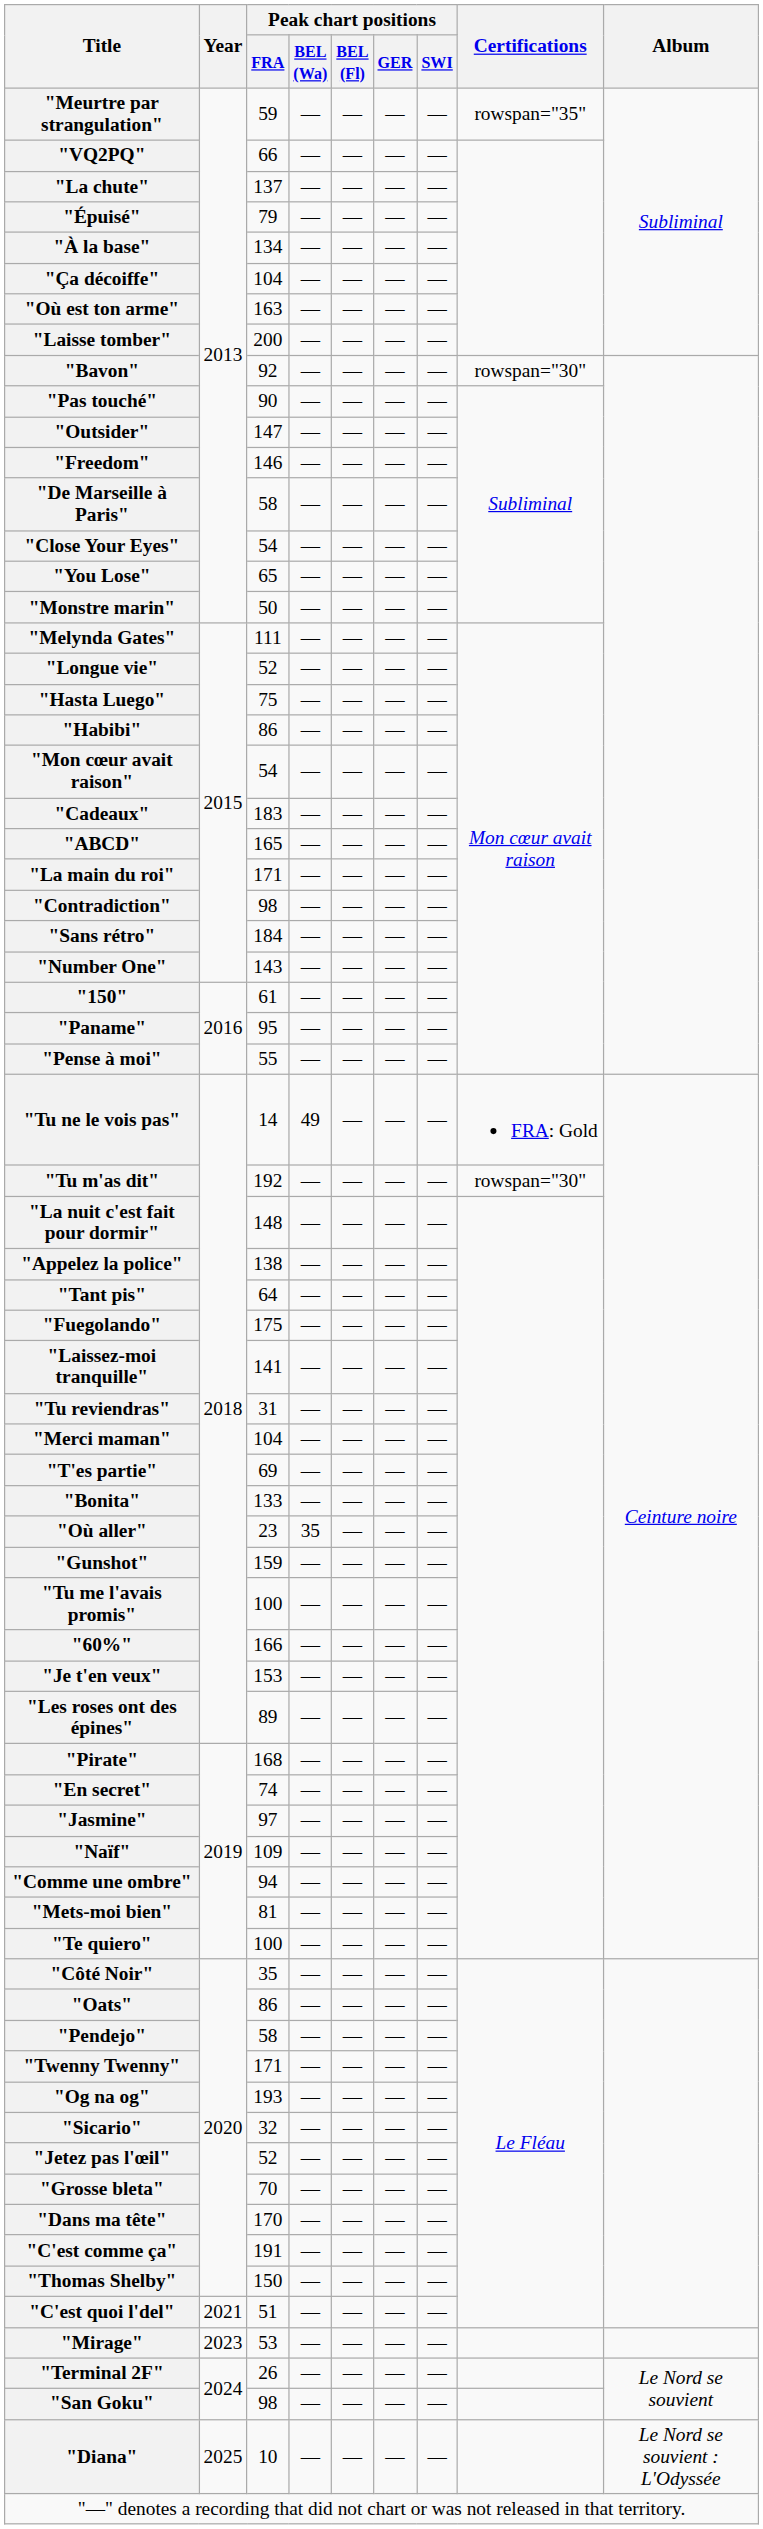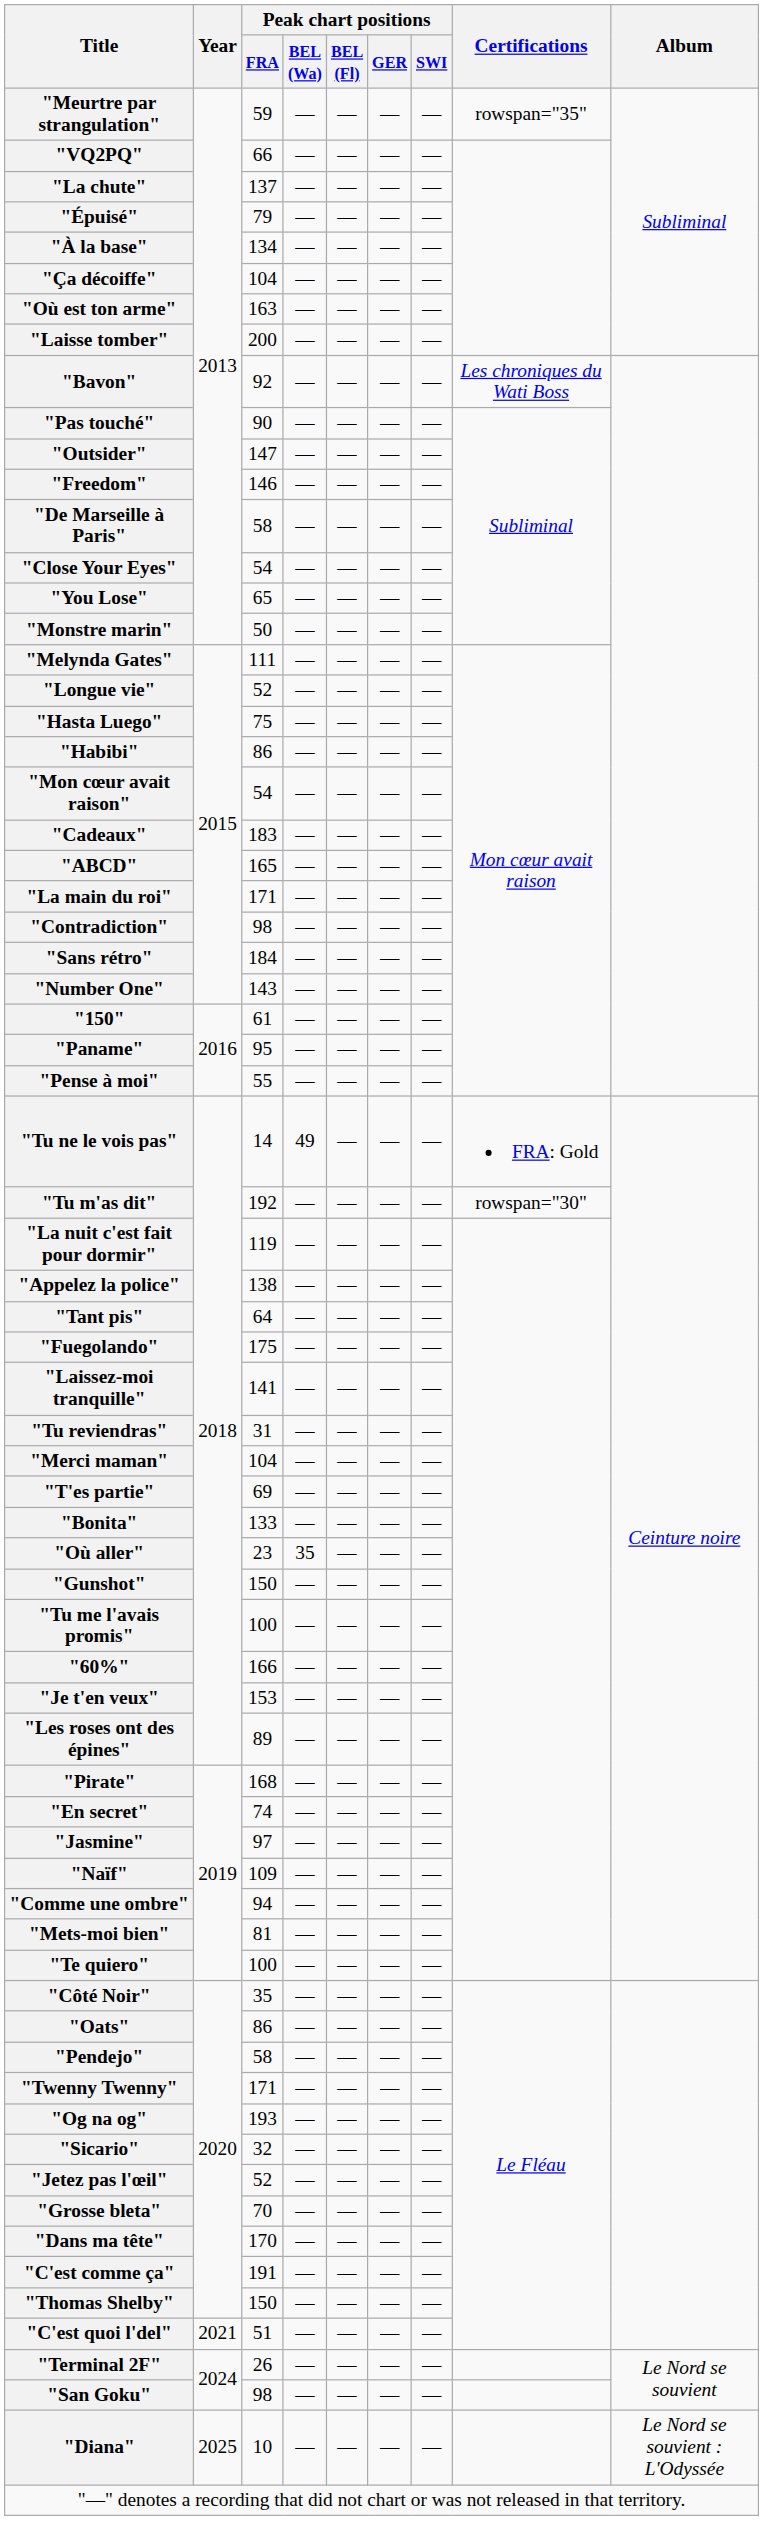 <table class="wikitable plainrowheaders" style="text-align:center" width="100%">
 <tr>
 <th scope="col" rowspan="2">Title</th>
 <th scope="col" rowspan="2">Year</th>
 <th scope="col" colspan="5">Peak chart positions</th>
 <th scope="col" rowspan="2"><a href='#'>Certifications</a></th>
 <th scope="col" rowspan="2">Album</th>
 </tr>
 <tr>
 <th scope="col"><small><a href='#'>FRA</a></small></th>
 <th scope="col"><a href='#'><small>BEL<br></small><small>(Wa)</small></a></th>
 <th scope="col"><a href='#'><small>BEL<br></small><small>(Fl)</small></a></th>
 <th scope="col"><small><a href='#'>GER</a></small></th>
 <th scope="col"><small><a href='#'>SWI</a></small></th>
 </tr>
 <tr>
 <th scope="row">"Meurtre par strangulation"</th>
 <td rowspan="16">2013</td>
 <td>59</td>
 <td>—</td>
 <td>—</td>
 <td>—</td>
 <td>—</td>
 <td>rowspan="35" </td>
 <td rowspan="8"><em><a href='#'>Subliminal</a></em></td>
 </tr>
 <tr>
 <th scope="row">"VQ2PQ"</th>
 <td>66</td>
 <td>—</td>
 <td>—</td>
 <td>—</td>
 <td>—</td>
 </tr>
 <tr>
 <th scope="row">"La chute"</th>
 <td>137</td>
 <td>—</td>
 <td>—</td>
 <td>—</td>
 <td>—</td>
 </tr>
 <tr>
 <th scope="row">"Épuisé"</th>
 <td>79</td>
 <td>—</td>
 <td>—</td>
 <td>—</td>
 <td>—</td>
 </tr>
 <tr>
 <th scope="row">"À la base"</th>
 <td>134</td>
 <td>—</td>
 <td>—</td>
 <td>—</td>
 <td>—</td>
 </tr>
 <tr>
 <th scope="row">"Ça décoiffe"<br></th>
 <td>104</td>
 <td>—</td>
 <td>—</td>
 <td>—</td>
 <td>—</td>
 </tr>
 <tr>
 <th scope="row">"Où est ton arme"<br></th>
 <td>163</td>
 <td>—</td>
 <td>—</td>
 <td>—</td>
 <td>—</td>
 </tr>
 <tr>
 <th scope="row">"Laisse tomber"<br></th>
 <td>200</td>
 <td>—</td>
 <td>—</td>
 <td>—</td>
 <td>—</td>
 </tr>
 <tr>
 <th scope="row">"Bavon"<br></th>
 <td>92</td>
 <td>—</td>
 <td>—</td>
 <td>—</td>
 <td>—</td>
-<td>rowspan="30" </td>
+<td><em><a href='#'>Les chroniques du Wati Boss</a></em></td>
 </tr>
 <tr>
 <th scope="row">"Pas touché"<br></th>
 <td>90</td>
 <td>—</td>
 <td>—</td>
 <td>—</td>
 <td>—</td>
 <td rowspan="7"><em><a href='#'>Subliminal</a></em></td>
 </tr>
 <tr>
 <th scope="row">"Outsider"<br></th>
 <td>147</td>
 <td>—</td>
 <td>—</td>
 <td>—</td>
 <td>—</td>
 </tr>
 <tr>
 <th scope="row">"Freedom"<br></th>
 <td>146</td>
 <td>—</td>
 <td>—</td>
 <td>—</td>
 <td>—</td>
 </tr>
 <tr>
 <th scope="row">"De Marseille à Paris"<br></th>
 <td>58</td>
 <td>—</td>
 <td>—</td>
 <td>—</td>
 <td>—</td>
 </tr>
 <tr>
 <th scope="row">"Close Your Eyes"<br></th>
 <td>54</td>
 <td>—</td>
 <td>—</td>
 <td>—</td>
 <td>—</td>
 </tr>
 <tr>
 <th scope="row">"You Lose"</th>
 <td>65</td>
 <td>—</td>
 <td>—</td>
 <td>—</td>
 <td>—</td>
 </tr>
 <tr>
 <th scope="row">"Monstre marin"</th>
 <td>50</td>
 <td>—</td>
 <td>—</td>
 <td>—</td>
 <td>—</td>
 </tr>
 <tr>
 <th scope="row">"Melynda Gates"</th>
 <td rowspan="11">2015</td>
 <td>111</td>
 <td>—</td>
 <td>—</td>
 <td>—</td>
 <td>—</td>
 <td rowspan="14"><em><a href='#'>Mon cœur avait raison</a></em></td>
 </tr>
 <tr>
 <th scope="row">"Longue vie"<br></th>
 <td>52</td>
 <td>—</td>
 <td>—</td>
 <td>—</td>
 <td>—</td>
 </tr>
 <tr>
 <th scope="row">"Hasta Luego"</th>
 <td>75</td>
 <td>—</td>
 <td>—</td>
 <td>—</td>
 <td>—</td>
 </tr>
 <tr>
 <th scope="row">"Habibi"</th>
 <td>86</td>
 <td>—</td>
 <td>—</td>
 <td>—</td>
 <td>—</td>
 </tr>
 <tr>
 <th scope="row">"Mon cœur avait raison"</th>
 <td>54</td>
 <td>—</td>
 <td>—</td>
 <td>—</td>
 <td>—</td>
 </tr>
 <tr>
 <th scope="row">"Cadeaux"</th>
 <td>183</td>
 <td>—</td>
 <td>—</td>
 <td>—</td>
 <td>—</td>
 </tr>
 <tr>
 <th scope="row">"ABCD"</th>
 <td>165</td>
 <td>—</td>
 <td>—</td>
 <td>—</td>
 <td>—</td>
 </tr>
 <tr>
 <th scope="row">"La main du roi"</th>
 <td>171</td>
 <td>—</td>
 <td>—</td>
 <td>—</td>
 <td>—</td>
 </tr>
 <tr>
 <th scope="row">"Contradiction"<br></th>
 <td>98</td>
 <td>—</td>
 <td>—</td>
 <td>—</td>
 <td>—</td>
 </tr>
 <tr>
 <th scope="row">"Sans rétro"<br></th>
 <td>184</td>
 <td>—</td>
 <td>—</td>
 <td>—</td>
 <td>—</td>
 </tr>
 <tr>
 <th scope="row">"Number One"<br></th>
 <td>143</td>
 <td>—</td>
 <td>—</td>
 <td>—</td>
 <td>—</td>
 </tr>
 <tr>
 <th scope="row">"150"</th>
 <td rowspan="3">2016</td>
 <td>61</td>
 <td>—</td>
 <td>—</td>
 <td>—</td>
 <td>—</td>
 </tr>
 <tr>
 <th scope="row">"Paname"</th>
 <td>95</td>
 <td>—</td>
 <td>—</td>
 <td>—</td>
 <td>—</td>
 </tr>
 <tr>
 <th scope="row">"Pense à moi"</th>
 <td>55</td>
 <td>—</td>
 <td>—</td>
 <td>—</td>
 <td>—</td>
 </tr>
 <tr>
 <th scope="row">"Tu ne le vois pas"<br></th>
 <td rowspan="17">2018</td>
 <td>14</td>
 <td>49</td>
 <td>—</td>
 <td>—</td>
 <td>—</td>
 <td><br><ul><li><a href='#'>FRA</a>: Gold</li></ul></td>
 <td rowspan="24"><em><a href='#'>Ceinture noire</a></em></td>
 </tr>
 <tr>
 <th scope="row">"Tu m'as dit"<br></th>
 <td>192</td>
 <td>—</td>
 <td>—</td>
 <td>—</td>
 <td>—</td>
 <td>rowspan="30" </td>
 </tr>
 <tr>
 <th scope="row">"La nuit c'est fait pour dormir"<br></th>
-<td>148</td>
+<td>119</td>
 <td>—</td>
 <td>—</td>
 <td>—</td>
 <td>—</td>
 </tr>
 <tr>
 <th scope="row">"Appelez la police"<br></th>
 <td>138</td>
 <td>—</td>
 <td>—</td>
 <td>—</td>
 <td>—</td>
 </tr>
 <tr>
 <th scope="row">"Tant pis"</th>
 <td>64</td>
 <td>—</td>
 <td>—</td>
 <td>—</td>
 <td>—</td>
 </tr>
 <tr>
 <th scope="row">"Fuegolando"</th>
 <td>175</td>
 <td>—</td>
 <td>—</td>
 <td>—</td>
 <td>—</td>
 </tr>
 <tr>
 <th scope="row">"Laissez-moi tranquille"</th>
 <td>141</td>
 <td>—</td>
 <td>—</td>
 <td>—</td>
 <td>—</td>
 </tr>
 <tr>
 <th scope="row">"Tu reviendras"</th>
 <td>31</td>
 <td>—</td>
 <td>—</td>
 <td>—</td>
 <td>—</td>
 </tr>
 <tr>
 <th scope="row">"Merci maman"</th>
 <td>104</td>
 <td>—</td>
 <td>—</td>
 <td>—</td>
 <td>—</td>
 </tr>
 <tr>
 <th scope="row">"T'es partie"</th>
 <td>69</td>
 <td>—</td>
 <td>—</td>
 <td>—</td>
 <td>—</td>
 </tr>
 <tr>
 <th scope="row">"Bonita"</th>
 <td>133</td>
 <td>—</td>
 <td>—</td>
 <td>—</td>
 <td>—</td>
 </tr>
 <tr>
 <th scope="row">"Où aller"</th>
 <td>23<br></td>
 <td>35</td>
 <td>—</td>
 <td>—</td>
 <td>—</td>
 </tr>
 <tr>
 <th scope="row">"Gunshot"</th>
-<td>159</td>
+<td>150</td>
 <td>—</td>
 <td>—</td>
 <td>—</td>
 <td>—</td>
 </tr>
 <tr>
 <th scope="row">"Tu me l'avais promis"</th>
 <td>100</td>
 <td>—</td>
 <td>—</td>
 <td>—</td>
 <td>—</td>
 </tr>
 <tr>
 <th scope="row">"60%"</th>
 <td>166</td>
 <td>—</td>
 <td>—</td>
 <td>—</td>
 <td>—</td>
 </tr>
 <tr>
 <th scope="row">"Je t'en veux"</th>
 <td>153</td>
 <td>—</td>
 <td>—</td>
 <td>—</td>
 <td>—</td>
 </tr>
 <tr>
 <th scope="row">"Les roses ont des épines"</th>
 <td>89</td>
 <td>—</td>
 <td>—</td>
 <td>—</td>
 <td>—</td>
 </tr>
 <tr>
 <th scope="row">"Pirate"<br></th>
 <td rowspan="7">2019</td>
 <td>168</td>
 <td>—</td>
 <td>—</td>
 <td>—</td>
 <td>—</td>
 </tr>
 <tr>
 <th scope="row">"En secret"<br></th>
 <td>74</td>
 <td>—</td>
 <td>—</td>
 <td>—</td>
 <td>—</td>
 </tr>
 <tr>
 <th scope="row">"Jasmine"</th>
 <td>97</td>
 <td>—</td>
 <td>—</td>
 <td>—</td>
 <td>—</td>
 </tr>
 <tr>
 <th scope="row">"Naïf"</th>
 <td>109</td>
 <td>—</td>
 <td>—</td>
 <td>—</td>
 <td>—</td>
 </tr>
 <tr>
 <th scope="row">"Comme une ombre"</th>
 <td>94</td>
 <td>—</td>
 <td>—</td>
 <td>—</td>
 <td>—</td>
 </tr>
 <tr>
 <th scope="row">"Mets-moi bien"</th>
 <td>81</td>
 <td>—</td>
 <td>—</td>
 <td>—</td>
 <td>—</td>
 </tr>
 <tr>
 <th scope="row">"Te quiero"<br></th>
 <td>100</td>
 <td>—</td>
 <td>—</td>
 <td>—</td>
 <td>—</td>
 </tr>
 <tr>
 <th scope="row">"Côté Noir"<br></th>
 <td rowspan="11">2020</td>
 <td>35</td>
 <td>—</td>
 <td>—</td>
 <td>—</td>
 <td>—</td>
 <td rowspan="12"><em><a href='#'>Le Fléau</a></em></td>
 </tr>
 <tr>
 <th scope="row">"Oats"<br></th>
 <td>86</td>
 <td>—</td>
 <td>—</td>
 <td>—</td>
 <td>—</td>
 </tr>
 <tr>
 <th scope="row">"Pendejo"<br></th>
 <td>58</td>
 <td>—</td>
 <td>—</td>
 <td>—</td>
 <td>—</td>
 </tr>
 <tr>
 <th scope="row">"Twenny Twenny"<br></th>
 <td>171</td>
 <td>—</td>
 <td>—</td>
 <td>—</td>
 <td>—</td>
 </tr>
 <tr>
 <th scope="row">"Og na og"</th>
 <td>193</td>
 <td>—</td>
 <td>—</td>
 <td>—</td>
 <td>—</td>
 </tr>
 <tr>
 <th scope="row">"Sicario"<br></th>
 <td>32</td>
 <td>—</td>
 <td>—</td>
 <td>—</td>
 <td>—</td>
 </tr>
 <tr>
 <th scope="row">"Jetez pas l'œil"<br></th>
 <td>52</td>
 <td>—</td>
 <td>—</td>
 <td>—</td>
 <td>—</td>
 </tr>
 <tr>
 <th scope="row">"Grosse bleta"<br></th>
 <td>70</td>
 <td>—</td>
 <td>—</td>
 <td>—</td>
 <td>—</td>
 </tr>
 <tr>
 <th scope="row">"Dans ma tête"<br></th>
 <td>170</td>
 <td>—</td>
 <td>—</td>
 <td>—</td>
 <td>—</td>
 </tr>
 <tr>
 <th scope="row">"C'est comme ça"</th>
 <td>191</td>
 <td>—</td>
 <td>—</td>
 <td>—</td>
 <td>—</td>
 </tr>
 <tr>
 <th scope="row">"Thomas Shelby"</th>
 <td>150</td>
 <td>—</td>
 <td>—</td>
 <td>—</td>
 <td>—</td>
 </tr>
 <tr>
 <th scope="row">"C'est quoi l'del"<br></th>
 <td>2021</td>
 <td>51</td>
 <td>—</td>
 <td>—</td>
 <td>—</td>
 <td>—</td>
 </tr>
 <tr>
-<th scope="row">"Mirage"<br></th>
-<td>2023</td>
-<td>53</td>
-<td>—</td>
-<td>—</td>
-<td>—</td>
-<td>—</td>
-<td></td>
-<td></td>
-</tr>
-<tr>
 <th scope="row">"Terminal 2F"<br></th>
 <td rowspan=2>2024</td>
 <td>26</td>
 <td>—</td>
 <td>—</td>
 <td>—</td>
 <td>—</td>
 <td></td>
 <td rowspan=2><em>Le Nord se souvient</em></td>
 </tr>
 <tr>
 <th scope="row">"San Goku"</th>
 <td>98</td>
 <td>—</td>
 <td>—</td>
 <td>—</td>
 <td>—</td>
 <td></td>
 </tr>
 <tr>
 <th scope="row">"Diana"</th>
 <td>2025</td>
 <td>10<br></td>
 <td>—</td>
 <td>—</td>
 <td>—</td>
 <td>—</td>
 <td></td>
 <td><em>Le Nord se souvient : L'Odyssée</em></td>
 </tr>
 <tr>
 <td colspan="9">"—" denotes a recording that did not chart or was not released in that territory.</td>
 </tr>
 </table>
